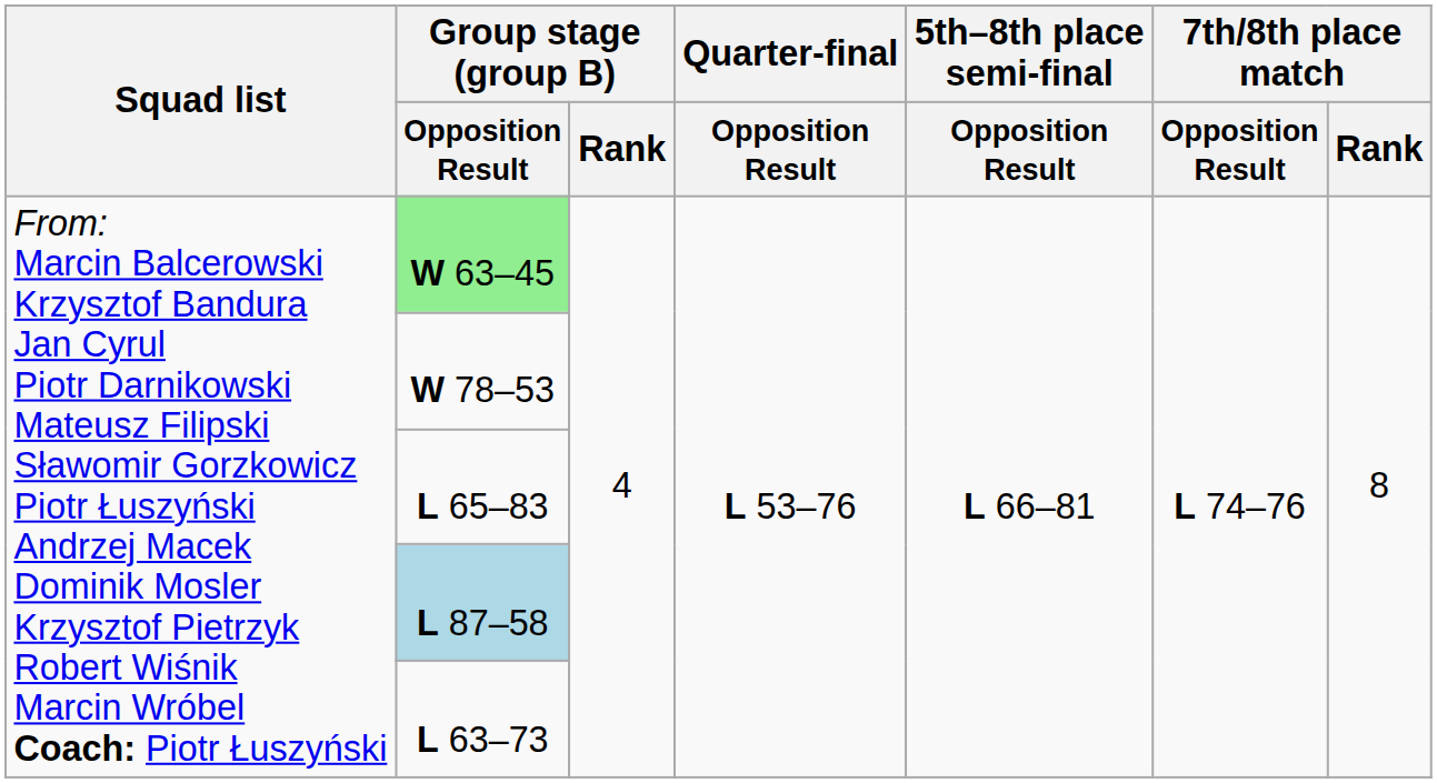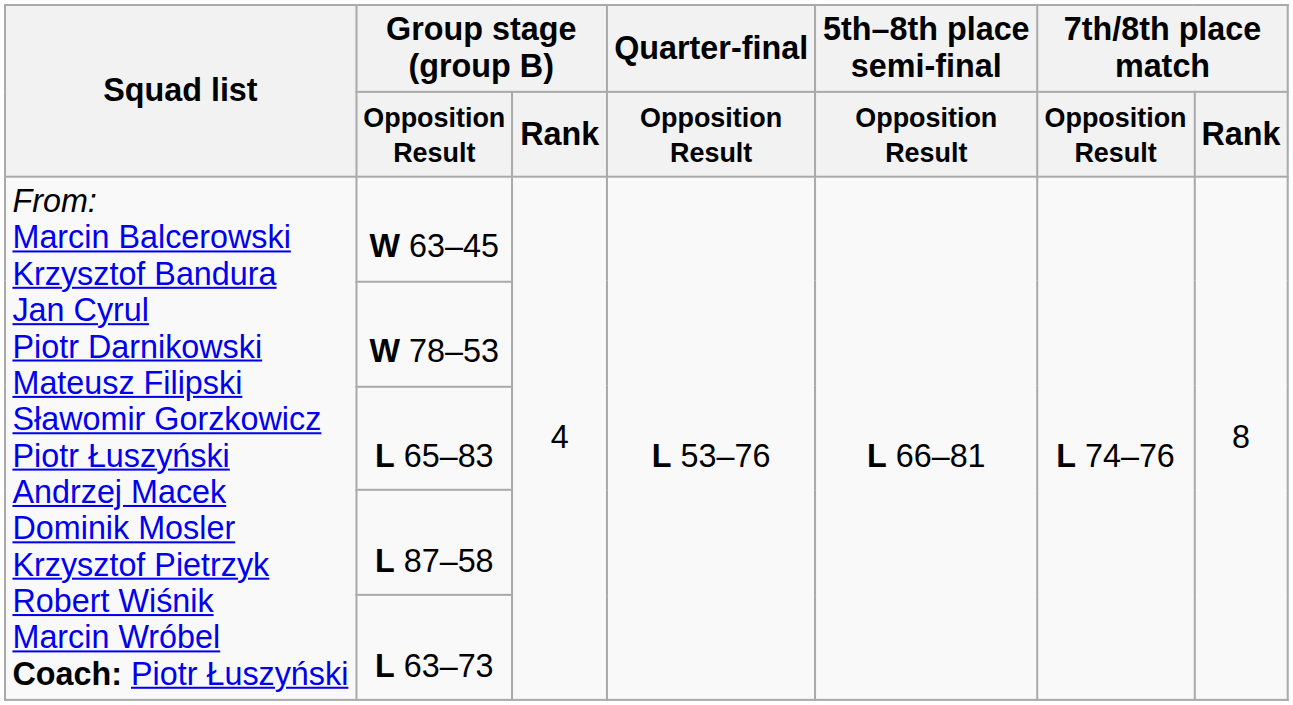 <table class=wikitable>
 <tr>
 <th rowspan="2">Squad list</th>
 <th colspan="2">Group stage<br>(group B)</th>
 <th>Quarter-final</th>
 <th>5th–8th place<br>semi-final<br></th>
 <th colspan="2">7th/8th place<br>match</th>
 </tr>
 <tr>
 <th style="line-height:1em"><small>Opposition<br>Result</small></th>
 <th>Rank</th>
 <th style="line-height:1em"><small>Opposition<br>Result</small></th>
 <th style="line-height:1em"><small>Opposition<br>Result</small></th>
 <th style="line-height:1em"><small>Opposition<br>Result</small></th>
 <th>Rank</th>
 </tr>
 <tr>
 <td rowspan="5"><em>From:</em><br><a href='#'>Marcin Balcerowski</a> <br><a href='#'>Krzysztof Bandura</a> <br><a href='#'>Jan Cyrul</a> <br><a href='#'>Piotr Darnikowski</a> <br><a href='#'>Mateusz Filipski</a> <br><a href='#'>Sławomir Gorzkowicz</a> <br><a href='#'>Piotr Łuszyński</a> <br><a href='#'>Andrzej Macek</a> <br><a href='#'>Dominik Mosler</a> <br><a href='#'>Krzysztof Pietrzyk</a> <br><a href='#'>Robert Wiśnik</a> <br><a href='#'>Marcin Wróbel</a> <br><strong>Coach:</strong> <a href='#'>Piotr Łuszyński</a></td>
-<td align="center" style="background: lightgreen;"><br><strong>W</strong> 63–45</td>
+<td align="center"><br><strong>W</strong> 63–45</td>
 <td rowspan="5" align="center">4</td>
 <td rowspan="5" align="center"><br><strong>L</strong> 53–76</td>
 <td rowspan="5" align="center"><br><strong>L</strong> 66–81</td>
 <td rowspan="5" align="center"><br><strong>L</strong> 74–76</td>
 <td rowspan="5" align="center">8</td>
 </tr>
 <tr>
 <td align="center"><br><strong>W</strong> 78–53</td>
 </tr>
 <tr>
 <td align="center"><br><strong>L</strong> 65–83</td>
 </tr>
 <tr>
-<td align="center" style="background: lightblue;"><br><strong>L</strong> 87–58</td>
+<td align="center"><br><strong>L</strong> 87–58</td>
 </tr>
 <tr>
 <td align="center"><br><strong>L</strong> 63–73</td>
 </tr>
 </table>
